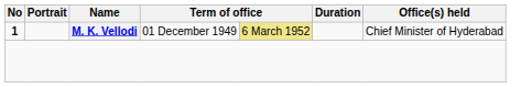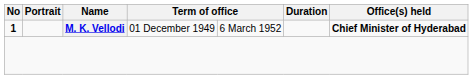 <table class="wikitable">
 <tr>
 <th>No</th>
 <th>Portrait</th>
 <th>Name</th>
 <th colspan=2>Term of office</th>
 <th scope=col>Duration</th>
 <th>Office(s) held</th>
 </tr>
 <tr align=center>
 <td><strong>1</strong></td>
 <td></td>
 <th><a href='#'>M. K. Vellodi</a></th>
 <td>01 December 1949</td>
-<td style="background: khaki;">6 March 1952</td>
+<td>6 March 1952</td>
 <td></td>
-<td>Chief Minister of Hyderabad</td>
+<td><strong>Chief Minister of Hyderabad</strong></td>
 </tr>
 <tr align=center style="height: 60px;">
 </tr>
 </table>
